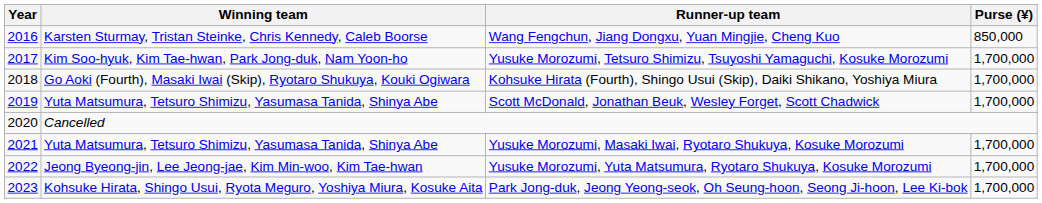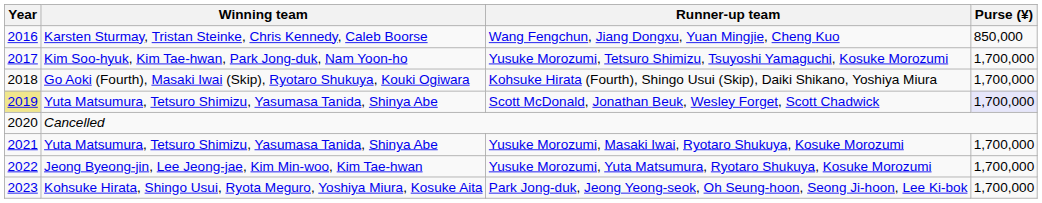 <table class="wikitable">
 <tr>
 <th scope="col">Year</th>
 <th scope="col">Winning team</th>
 <th scope="col">Runner-up team</th>
 <th scope="col">Purse (¥)</th>
 </tr>
 <tr>
 <td><a href='#'>2016</a></td>
 <td> <a href='#'>Karsten Sturmay</a>, <a href='#'>Tristan Steinke</a>, <a href='#'>Chris Kennedy</a>, <a href='#'>Caleb Boorse</a></td>
 <td> <a href='#'>Wang Fengchun</a>, <a href='#'>Jiang Dongxu</a>, <a href='#'>Yuan Mingjie</a>, <a href='#'>Cheng Kuo</a></td>
 <td>850,000</td>
 </tr>
 <tr>
 <td><a href='#'>2017</a></td>
 <td> <a href='#'>Kim Soo-hyuk</a>, <a href='#'>Kim Tae-hwan</a>, <a href='#'>Park Jong-duk</a>, <a href='#'>Nam Yoon-ho</a></td>
 <td> <a href='#'>Yusuke Morozumi</a>, <a href='#'>Tetsuro Shimizu</a>, <a href='#'>Tsuyoshi Yamaguchi</a>, <a href='#'>Kosuke Morozumi</a></td>
 <td>1,700,000</td>
 </tr>
 <tr>
 <td>2018</td>
 <td>  <a href='#'>Go Aoki</a> (Fourth), <a href='#'>Masaki Iwai</a> (Skip), <a href='#'>Ryotaro Shukuya</a>, <a href='#'>Kouki Ogiwara</a></td>
 <td> <a href='#'>Kohsuke Hirata</a> (Fourth), Shingo Usui (Skip), Daiki Shikano, Yoshiya Miura</td>
 <td>1,700,000</td>
 </tr>
 <tr>
-<td><a href='#'>2019</a></td>
+<td style="background: khaki;"><a href='#'>2019</a></td>
 <td> <a href='#'>Yuta Matsumura</a>, <a href='#'>Tetsuro Shimizu</a>, <a href='#'>Yasumasa Tanida</a>, <a href='#'>Shinya Abe</a></td>
 <td> <a href='#'>Scott McDonald</a>, <a href='#'>Jonathan Beuk</a>, <a href='#'>Wesley Forget</a>, <a href='#'>Scott Chadwick</a></td>
-<td>1,700,000</td>
+<td style="background: lavender;">1,700,000</td>
 </tr>
 <tr>
 <td>2020</td>
 <td colspan=3><em>Cancelled</em></td>
 </tr>
 <tr>
 <td><a href='#'>2021</a></td>
 <td> <a href='#'>Yuta Matsumura</a>, <a href='#'>Tetsuro Shimizu</a>, <a href='#'>Yasumasa Tanida</a>, <a href='#'>Shinya Abe</a></td>
 <td> <a href='#'>Yusuke Morozumi</a>, <a href='#'>Masaki Iwai</a>, <a href='#'>Ryotaro Shukuya</a>, <a href='#'>Kosuke Morozumi</a></td>
 <td>1,700,000</td>
 </tr>
 <tr>
 <td><a href='#'>2022</a></td>
 <td> <a href='#'>Jeong Byeong-jin</a>, <a href='#'>Lee Jeong-jae</a>, <a href='#'>Kim Min-woo</a>, <a href='#'>Kim Tae-hwan</a></td>
 <td> <a href='#'>Yusuke Morozumi</a>, <a href='#'>Yuta Matsumura</a>, <a href='#'>Ryotaro Shukuya</a>, <a href='#'>Kosuke Morozumi</a></td>
 <td>1,700,000</td>
 </tr>
 <tr>
 <td><a href='#'>2023</a></td>
 <td> <a href='#'>Kohsuke Hirata</a>, <a href='#'>Shingo Usui</a>, <a href='#'>Ryota Meguro</a>, <a href='#'>Yoshiya Miura</a>, <a href='#'>Kosuke Aita</a></td>
 <td> <a href='#'>Park Jong-duk</a>, <a href='#'>Jeong Yeong-seok</a>, <a href='#'>Oh Seung-hoon</a>, <a href='#'>Seong Ji-hoon</a>, <a href='#'>Lee Ki-bok</a></td>
 <td>1,700,000</td>
 </tr>
 </table>
